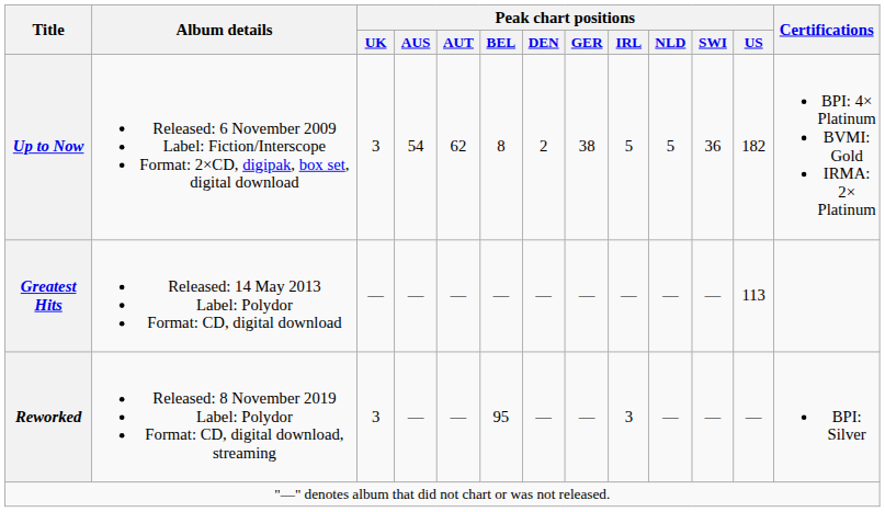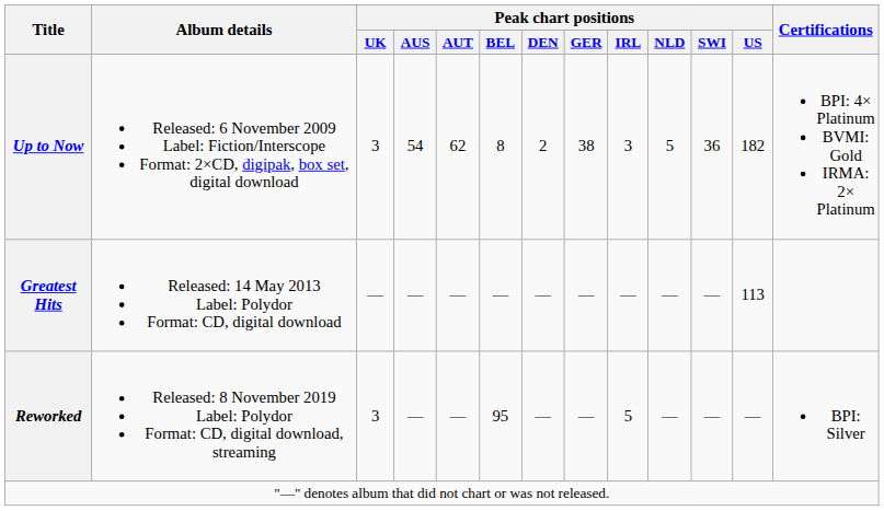 <table class="wikitable plainrowheaders" style="text-align:center;">
 <tr>
 <th scope="col" rowspan="2" style="width:6em;">Title</th>
 <th scope="col" rowspan="2" style="width:24em;">Album details</th>
 <th scope="col" colspan="10">Peak chart positions</th>
 <th scope="col" rowspan="2"><a href='#'>Certifications</a></th>
 </tr>
 <tr>
 <th scope="col" style="width:3em;font-size:90%;"><a href='#'>UK</a><br></th>
 <th scope="col" style="width:3em;font-size:90%;"><a href='#'>AUS</a><br></th>
 <th scope="col" style="width:3em;font-size:90%;"><a href='#'>AUT</a><br></th>
 <th scope="col" style="width:3em;font-size:90%;"><a href='#'>BEL</a><br></th>
 <th scope="col" style="width:3em;font-size:90%;"><a href='#'>DEN</a><br></th>
 <th scope="col" style="width:3em;font-size:90%;"><a href='#'>GER</a><br></th>
 <th scope="col" style="width:3em;font-size:90%;"><a href='#'>IRL</a><br></th>
 <th scope="col" style="width:3em;font-size:90%;"><a href='#'>NLD</a><br></th>
 <th scope="col" style="width:3em;font-size:90%;"><a href='#'>SWI</a><br></th>
 <th scope="col" style="width:3em;font-size:90%;"><a href='#'>US</a><br></th>
 </tr>
 <tr>
 <th scope="row"><em><a href='#'>Up to Now</a></em></th>
 <td><br><ul><li>Released: 6 November 2009</li><li>Label: Fiction/Interscope</li><li>Format: 2×CD, <a href='#'>digipak</a>, <a href='#'>box set</a>, digital download</li></ul></td>
 <td>3</td>
 <td>54</td>
 <td>62</td>
 <td>8</td>
 <td>2</td>
 <td>38</td>
-<td>5</td>
+<td>3</td>
 <td>5</td>
 <td>36</td>
 <td>182</td>
 <td><br><ul><li>BPI: 4× Platinum</li><li>BVMI: Gold</li><li>IRMA: 2× Platinum</li></ul></td>
 </tr>
 <tr>
 <th scope="row"><em><a href='#'>Greatest Hits</a></em></th>
 <td><br><ul><li>Released: 14 May 2013</li><li>Label: Polydor</li><li>Format: CD, digital download</li></ul></td>
 <td>—</td>
 <td>—</td>
 <td>—</td>
 <td>—</td>
 <td>—</td>
 <td>—</td>
 <td>—</td>
 <td>—</td>
 <td>—</td>
 <td>113</td>
 <td></td>
 </tr>
 <tr>
 <th scope="row"><em>Reworked</em></th>
 <td><br><ul><li>Released: 8 November 2019</li><li>Label: Polydor</li><li>Format: CD, digital download, streaming</li></ul></td>
 <td>3</td>
 <td>—</td>
 <td>—</td>
 <td>95</td>
 <td>—</td>
 <td>—</td>
-<td>3</td>
+<td>5</td>
 <td>—</td>
 <td>—</td>
 <td>—</td>
 <td><br><ul><li>BPI: Silver</li></ul></td>
 </tr>
 <tr>
 <td colspan="14" style="font-size:90%;">"—" denotes album that did not chart or was not released.</td>
 </tr>
 </table>
